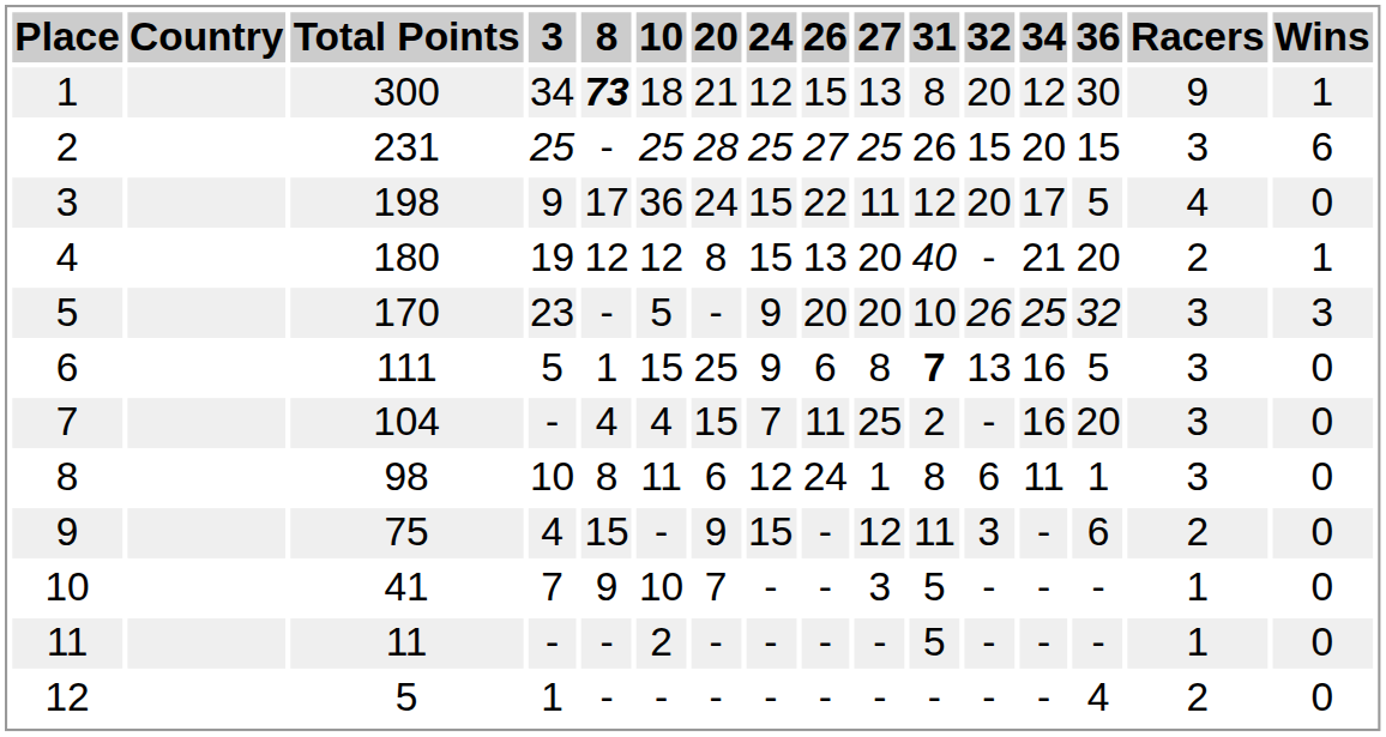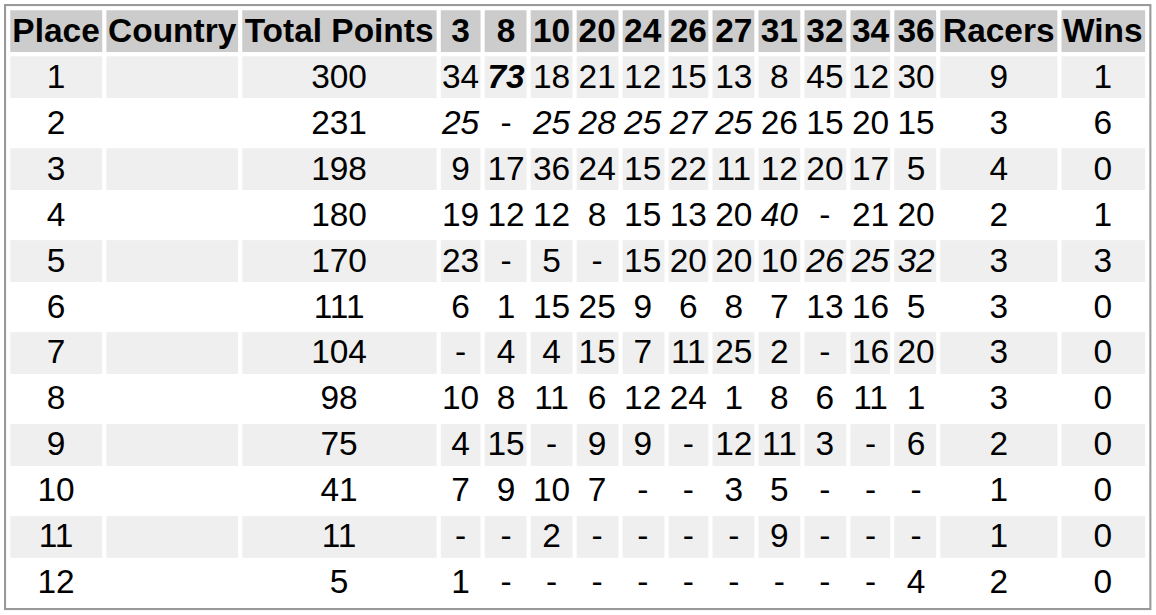 <table border="0" style="border: 1px solid #999; background-color:#FFFFFF; text-align:center">
 <tr align="center" bgcolor="#CCCCCC">
 <th>Place</th>
 <th>Country</th>
 <th>Total Points</th>
 <th>3</th>
 <th>8</th>
 <th>10</th>
 <th>20</th>
 <th>24</th>
 <th>26</th>
 <th>27</th>
 <th>31</th>
 <th>32</th>
 <th>34</th>
 <th>36</th>
 <th>Racers</th>
 <th>Wins</th>
 </tr>
 <tr bgcolor="#EFEFEF">
 <td>1</td>
 <td align="left"></td>
 <td>300</td>
 <td>34</td>
 <td><strong><em>73</em></strong></td>
 <td>18</td>
 <td>21</td>
 <td>12</td>
 <td>15</td>
 <td>13</td>
 <td>8</td>
-<td>20</td>
+<td>45</td>
 <td>12</td>
 <td>30</td>
 <td>9</td>
 <td>1</td>
 </tr>
 <tr>
 <td>2</td>
 <td align="left"></td>
 <td>231</td>
 <td><em>25</em></td>
 <td>-</td>
 <td><em>25</em></td>
 <td><em>28</em></td>
 <td><em>25</em></td>
 <td><em>27</em></td>
 <td><em>25</em></td>
 <td>26</td>
 <td>15</td>
 <td>20</td>
 <td>15</td>
 <td>3</td>
 <td>6</td>
 </tr>
 <tr bgcolor="#EFEFEF">
 <td>3</td>
 <td align="left"></td>
 <td>198</td>
 <td>9</td>
 <td>17</td>
 <td>36</td>
 <td>24</td>
 <td>15</td>
 <td>22</td>
 <td>11</td>
 <td>12</td>
 <td>20</td>
 <td>17</td>
 <td>5</td>
 <td>4</td>
 <td>0</td>
 </tr>
 <tr>
 <td>4</td>
 <td align="left"></td>
 <td>180</td>
 <td>19</td>
 <td>12</td>
 <td>12</td>
 <td>8</td>
 <td>15</td>
 <td>13</td>
 <td>20</td>
 <td><em>40</em></td>
 <td>-</td>
 <td>21</td>
 <td>20</td>
 <td>2</td>
 <td>1</td>
 </tr>
 <tr bgcolor="#EFEFEF">
 <td>5</td>
 <td align="left"></td>
 <td>170</td>
 <td>23</td>
 <td>-</td>
 <td>5</td>
 <td>-</td>
-<td>9</td>
+<td>15</td>
 <td>20</td>
 <td>20</td>
 <td>10</td>
 <td><em>26</em></td>
 <td><em>25</em></td>
 <td><em>32</em></td>
 <td>3</td>
 <td>3</td>
 </tr>
 <tr>
 <td>6</td>
 <td align="left"></td>
 <td>111</td>
-<td>5</td>
+<td>6</td>
 <td>1</td>
 <td>15</td>
 <td>25</td>
 <td>9</td>
 <td>6</td>
 <td>8</td>
-<td><strong>7</strong></td>
+<td>7</td>
 <td>13</td>
 <td>16</td>
 <td>5</td>
 <td>3</td>
 <td>0</td>
 </tr>
 <tr bgcolor="#EFEFEF">
 <td>7</td>
 <td align="left"></td>
 <td>104</td>
 <td>-</td>
 <td>4</td>
 <td>4</td>
 <td>15</td>
 <td>7</td>
 <td>11</td>
 <td>25</td>
 <td>2</td>
 <td>-</td>
 <td>16</td>
 <td>20</td>
 <td>3</td>
 <td>0</td>
 </tr>
 <tr>
 <td>8</td>
 <td align="left"></td>
 <td>98</td>
 <td>10</td>
 <td>8</td>
 <td>11</td>
 <td>6</td>
 <td>12</td>
 <td>24</td>
 <td>1</td>
 <td>8</td>
 <td>6</td>
 <td>11</td>
 <td>1</td>
 <td>3</td>
 <td>0</td>
 </tr>
 <tr bgcolor="#EFEFEF">
 <td>9</td>
 <td align="left"></td>
 <td>75</td>
 <td>4</td>
 <td>15</td>
 <td>-</td>
 <td>9</td>
-<td>15</td>
+<td>9</td>
 <td>-</td>
 <td>12</td>
 <td>11</td>
 <td>3</td>
 <td>-</td>
 <td>6</td>
 <td>2</td>
 <td>0</td>
 </tr>
 <tr>
 <td>10</td>
 <td align="left"></td>
 <td>41</td>
 <td>7</td>
 <td>9</td>
 <td>10</td>
 <td>7</td>
 <td>-</td>
 <td>-</td>
 <td>3</td>
 <td>5</td>
 <td>-</td>
 <td>-</td>
 <td>-</td>
 <td>1</td>
 <td>0</td>
 </tr>
 <tr bgcolor="#EFEFEF">
 <td>11</td>
 <td align="left"></td>
 <td>11</td>
 <td>-</td>
 <td>-</td>
 <td>2</td>
 <td>-</td>
 <td>-</td>
 <td>-</td>
 <td>-</td>
-<td>5</td>
+<td>9</td>
 <td>-</td>
 <td>-</td>
 <td>-</td>
 <td>1</td>
 <td>0</td>
 </tr>
 <tr>
 <td>12</td>
 <td align="left"></td>
 <td>5</td>
 <td>1</td>
 <td>-</td>
 <td>-</td>
 <td>-</td>
 <td>-</td>
 <td>-</td>
 <td>-</td>
 <td>-</td>
 <td>-</td>
 <td>-</td>
 <td>4</td>
 <td>2</td>
 <td>0</td>
 </tr>
 </table>
